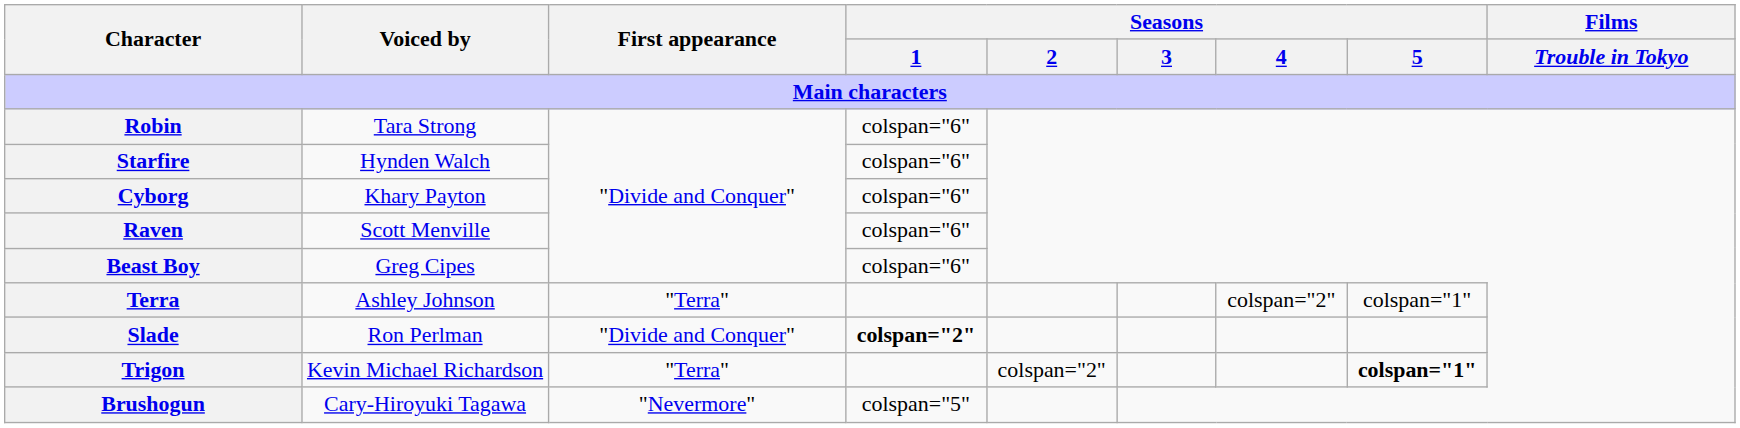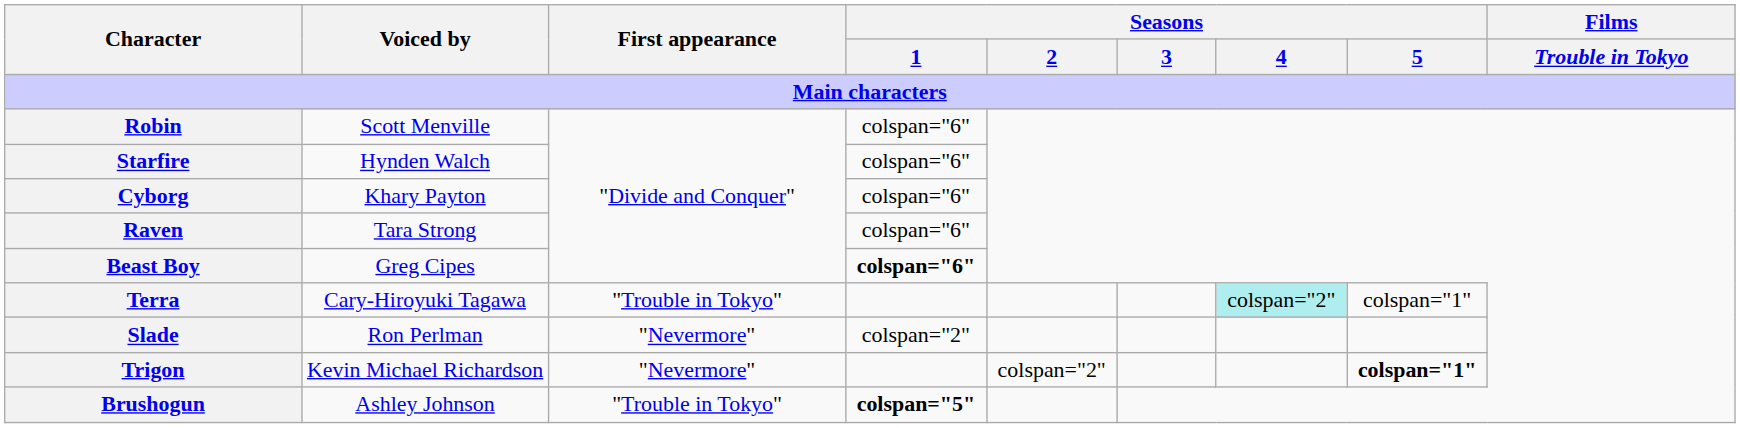 <table class="wikitable" style="text-align:center; width:100%">
 <tr>
 <th rowspan="2" style="width:15%;">Character</th>
 <th rowspan="2" style="width:12.5%;">Voiced by</th>
 <th rowspan="2" style="width:15%;">First appearance</th>
 <th scope="col" colspan="5"><a href='#'>Seasons</a></th>
 <th scope="col" colspan="2"><a href='#'>Films</a></th>
 </tr>
 <tr>
 <th style="width:5%;"><a href='#'>1</a></th>
 <th style="width:5%;"><a href='#'>2</a></th>
 <th style="width:5%;"><a href='#'>3</a></th>
 <th style="width:5%;"><a href='#'>4</a></th>
 <th style="width:5%;"><a href='#'>5</a></th>
 <th style="width:12.5%;"><a href='#'><em>Trouble in Tokyo</em></a></th>
 </tr>
 <tr>
 <th colspan="9" style="background-color:#ccccff;"><a href='#'>Main characters</a></th>
 </tr>
 <tr>
 <th scope="row"><a href='#'>Robin</a></th>
-<td><a href='#'>Tara Strong</a></td>
+<td><a href='#'>Scott Menville</a></td>
 <td rowspan="5">"<a href='#'>Divide and Conquer</a>"</td>
 <td>colspan="6" </td>
 </tr>
 <tr>
 <th scope="row"><a href='#'>Starfire</a></th>
 <td><a href='#'>Hynden Walch</a></td>
 <td>colspan="6" </td>
 </tr>
 <tr>
 <th scope="row"><a href='#'>Cyborg</a></th>
 <td><a href='#'>Khary Payton</a></td>
 <td>colspan="6" </td>
 </tr>
 <tr>
 <th scope="row"><a href='#'>Raven</a></th>
-<td><a href='#'>Scott Menville</a></td>
+<td><a href='#'>Tara Strong</a></td>
 <td>colspan="6" </td>
 </tr>
 <tr>
 <th scope="row"><a href='#'>Beast Boy</a></th>
 <td><a href='#'>Greg Cipes</a></td>
-<td>colspan="6" </td>
+<td><strong>colspan="6" </strong></td>
 </tr>
 <tr>
 <th scope="row"><a href='#'>Terra</a></th>
-<td><a href='#'>Ashley Johnson</a></td>
-<td>"<a href='#'>Terra</a>"</td>
+<td><a href='#'>Cary-Hiroyuki Tagawa</a></td>
+<td>"<a href='#'>Trouble in Tokyo</a>"</td>
 <td></td>
 <td></td>
 <td></td>
-<td>colspan="2" </td>
+<td style="background: paleturquoise;">colspan="2" </td>
 <td>colspan="1" </td>
 </tr>
 <tr>
 <th scope="row"><a href='#'>Slade</a></th>
 <td><a href='#'>Ron Perlman</a></td>
-<td>"<a href='#'>Divide and Conquer</a>"</td>
-<td><strong>colspan="2" </strong></td>
+<td>"<a href='#'>Nevermore</a>"</td>
+<td>colspan="2" </td>
 <td></td>
 <td></td>
 <td></td>
 <td></td>
 </tr>
 <tr>
 <th scope="row"><a href='#'>Trigon</a></th>
 <td><a href='#'>Kevin Michael Richardson</a></td>
-<td>"<a href='#'>Terra</a>"</td>
+<td>"<a href='#'>Nevermore</a>"</td>
 <td></td>
 <td>colspan="2" </td>
 <td></td>
 <td></td>
 <td><strong>colspan="1" </strong></td>
 </tr>
 <tr>
 <th scope="row"><a href='#'>Brushogun</a></th>
-<td><a href='#'>Cary-Hiroyuki Tagawa</a></td>
-<td>"<a href='#'>Nevermore</a>"</td>
-<td>colspan="5" </td>
+<td><a href='#'>Ashley Johnson</a></td>
+<td>"<a href='#'>Trouble in Tokyo</a>"</td>
+<td><strong>colspan="5" </strong></td>
 <td></td>
 </tr>
 </table>
